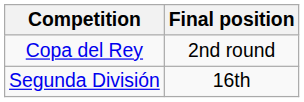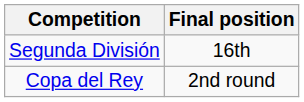 <table class="wikitable" style="font-size:100%; text-align:center">
 <tr>
 <th>Competition</th>
 <th>Final position</th>
 </tr>
 <tr style="background:">
+<td><a href='#'>Segunda División</a></td>
+<td>16th</td>
+</tr>
+<tr style="background:">
 <td><a href='#'>Copa del Rey</a></td>
 <td>2nd round</td>
 </tr>
-<tr style="background:">
-<td><a href='#'>Segunda División</a></td>
-<td>16th</td>
-</tr>
 </table>
